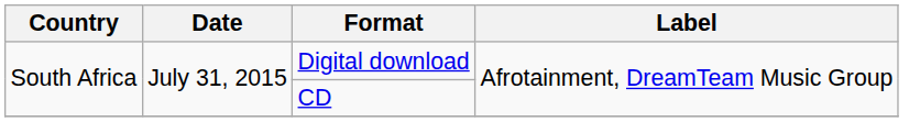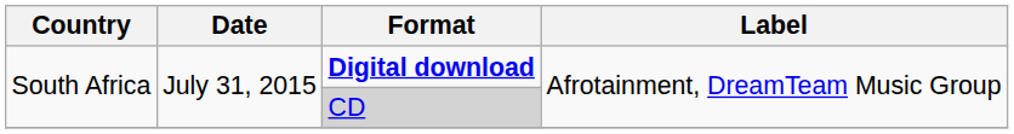 <table class="wikitable">
 <tr>
 <th>Country</th>
 <th>Date</th>
 <th>Format</th>
 <th>Label</th>
 </tr>
 <tr>
 <td rowspan = "2">South Africa</td>
 <td rowspan = "2">July 31, 2015</td>
-<td><a href='#'>Digital download</a></td>
+<td><strong><a href='#'>Digital download</a></strong></td>
 <td rowspan = "2">Afrotainment, <a href='#'>DreamTeam</a> Music Group</td>
 </tr>
 <tr>
-<td><a href='#'>CD</a></td>
+<td style="background: lightgrey;"><a href='#'>CD</a></td>
 </tr>
 <tr>
 </tr>
 </table>
